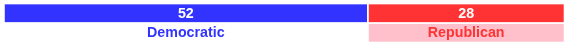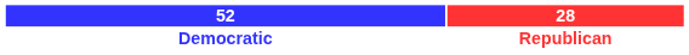 <table style="width:50%">
 <tr>
 <td scope="row" colspan="3" style="text-align:center"></td>
 </tr>
 <tr>
 <td scope="row" style="background:#33F; width:65%; text-align:center; color:white"><strong>52</strong></td>
 <td style="background:#F33; width:35%; text-align:center; color:white"><strong>28</strong></td>
 </tr>
 <tr>
 <td scope="row" style="text-align:center; color:#33F"><strong>Democratic</strong></td>
-<td style="background: pink; text-align:center; color:#F33"><strong>Republican</strong></td>
+<td style="text-align:center; color:#F33"><strong>Republican</strong></td>
 </tr>
 </table>
